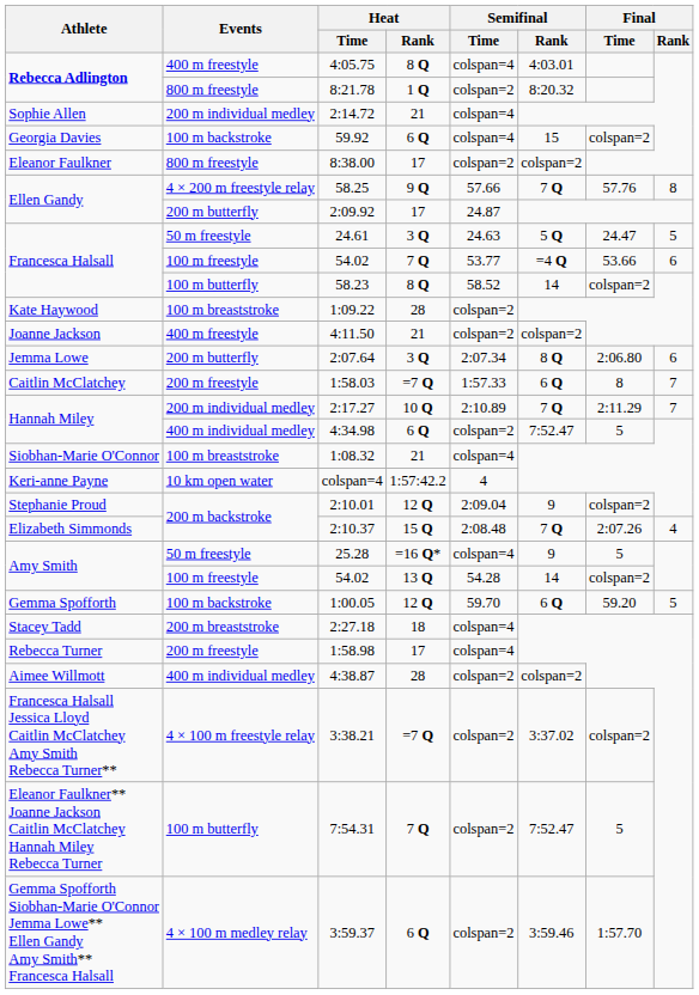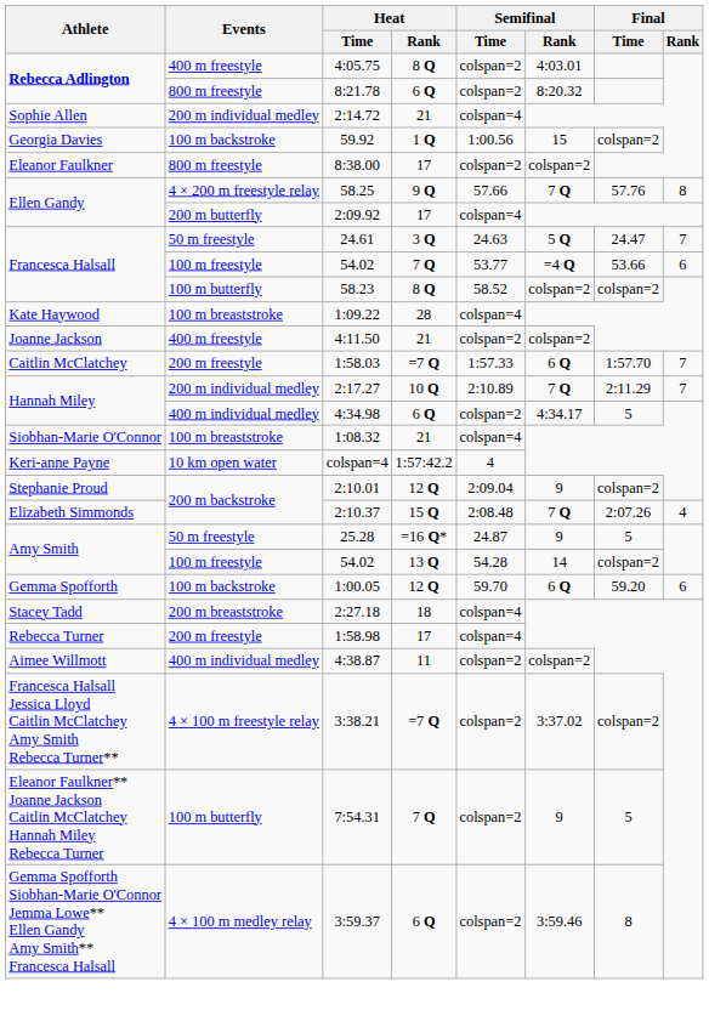 <table class=wikitable style="text-align:center; font-size:90%">
 <tr>
 <th rowspan="2">Athlete</th>
 <th rowspan="2">Events</th>
 <th colspan="2">Heat</th>
 <th colspan="2">Semifinal</th>
 <th colspan="2">Final</th>
 </tr>
 <tr style="font-size:95%">
 <th>Time</th>
 <th>Rank</th>
 <th>Time</th>
 <th>Rank</th>
 <th>Time</th>
 <th>Rank</th>
 </tr>
 <tr>
 <td style="text-align:left;" rowspan="2"><strong><a href='#'>Rebecca Adlington</a></strong></td>
 <td style="text-align:left;"><a href='#'>400 m freestyle</a></td>
 <td>4:05.75</td>
 <td>8 <strong>Q</strong></td>
-<td>colspan=4 </td>
+<td>colspan=2 </td>
 <td>4:03.01</td>
 <td></td>
 </tr>
 <tr>
 <td style="text-align:left;"><a href='#'>800 m freestyle</a></td>
 <td>8:21.78</td>
-<td>1 <strong>Q</strong></td>
+<td>6 <strong>Q</strong></td>
 <td>colspan=2 </td>
 <td>8:20.32</td>
 <td></td>
 </tr>
 <tr>
 <td style="text-align:left;"><a href='#'>Sophie Allen</a></td>
 <td style="text-align:left;"><a href='#'>200 m individual medley</a></td>
 <td>2:14.72</td>
 <td>21</td>
 <td>colspan=4 </td>
 </tr>
 <tr>
 <td style="text-align:left;"><a href='#'>Georgia Davies</a></td>
 <td style="text-align:left;"><a href='#'>100 m backstroke</a></td>
 <td>59.92</td>
-<td>6 <strong>Q</strong></td>
-<td>colspan=4 </td>
+<td>1 <strong>Q</strong></td>
+<td>1:00.56</td>
 <td>15</td>
 <td>colspan=2 </td>
 </tr>
 <tr>
 <td style="text-align:left;"><a href='#'>Eleanor Faulkner</a></td>
 <td style="text-align:left;"><a href='#'>800 m freestyle</a></td>
 <td>8:38.00</td>
 <td>17</td>
 <td>colspan=2 </td>
 <td>colspan=2 </td>
 </tr>
 <tr>
 <td style="text-align:left;" rowspan="2"><a href='#'>Ellen Gandy</a></td>
 <td style="text-align:left;"><a href='#'>4 × 200 m freestyle relay</a></td>
 <td>58.25</td>
 <td>9 <strong>Q</strong></td>
 <td>57.66</td>
 <td>7 <strong>Q</strong></td>
 <td>57.76</td>
 <td>8</td>
 </tr>
 <tr>
 <td style="text-align:left;"><a href='#'>200 m butterfly</a></td>
 <td>2:09.92</td>
 <td>17</td>
-<td>24.87</td>
+<td>colspan=4 </td>
 </tr>
 <tr>
 <td style="text-align:left;" rowspan="3"><a href='#'>Francesca Halsall</a></td>
 <td style="text-align:left;"><a href='#'>50 m freestyle</a></td>
 <td>24.61</td>
 <td>3 <strong>Q</strong></td>
 <td>24.63</td>
 <td>5 <strong>Q</strong></td>
 <td>24.47</td>
-<td>5</td>
+<td>7</td>
 </tr>
 <tr>
 <td style="text-align:left;"><a href='#'>100 m freestyle</a></td>
 <td>54.02</td>
 <td>7 <strong>Q</strong></td>
 <td>53.77</td>
 <td>=4 <strong>Q</strong></td>
 <td>53.66</td>
 <td>6</td>
 </tr>
 <tr>
 <td style="text-align:left;"><a href='#'>100 m butterfly</a></td>
 <td>58.23</td>
 <td>8 <strong>Q</strong></td>
 <td>58.52</td>
-<td>14</td>
+<td>colspan=2 </td>
 <td>colspan=2 </td>
 </tr>
 <tr>
 <td style="text-align:left;"><a href='#'>Kate Haywood</a></td>
 <td style="text-align:left;"><a href='#'>100 m breaststroke</a></td>
 <td>1:09.22</td>
 <td>28</td>
-<td>colspan=2 </td>
+<td>colspan=4 </td>
 </tr>
 <tr>
 <td style="text-align:left;"><a href='#'>Joanne Jackson</a></td>
 <td style="text-align:left;"><a href='#'>400 m freestyle</a></td>
 <td>4:11.50</td>
 <td>21</td>
 <td>colspan=2 </td>
 <td>colspan=2 </td>
 </tr>
 <tr>
-<td style="text-align:left;"><a href='#'>Jemma Lowe</a></td>
-<td style="text-align:left;"><a href='#'>200 m butterfly</a></td>
-<td>2:07.64</td>
-<td>3 <strong>Q</strong></td>
-<td>2:07.34</td>
-<td>8 <strong>Q</strong></td>
-<td>2:06.80</td>
-<td>6</td>
-</tr>
-<tr>
 <td style="text-align:left;"><a href='#'>Caitlin McClatchey</a></td>
 <td style="text-align:left;"><a href='#'>200 m freestyle</a></td>
 <td>1:58.03</td>
 <td>=7 <strong>Q</strong></td>
 <td>1:57.33</td>
 <td>6 <strong>Q</strong></td>
-<td>8</td>
+<td>1:57.70</td>
 <td>7</td>
 </tr>
 <tr>
 <td style="text-align:left;" rowspan="2"><a href='#'>Hannah Miley</a></td>
 <td style="text-align:left;"><a href='#'>200 m individual medley</a></td>
 <td>2:17.27</td>
 <td>10 <strong>Q</strong></td>
 <td>2:10.89</td>
 <td>7 <strong>Q</strong></td>
 <td>2:11.29</td>
 <td>7</td>
 </tr>
 <tr>
 <td style="text-align:left;"><a href='#'>400 m individual medley</a></td>
 <td>4:34.98</td>
 <td>6 <strong>Q</strong></td>
 <td>colspan=2 </td>
-<td>7:52.47</td>
+<td>4:34.17</td>
 <td>5</td>
 </tr>
 <tr>
 <td style="text-align:left;"><a href='#'>Siobhan-Marie O'Connor</a></td>
 <td style="text-align:left;"><a href='#'>100 m breaststroke</a></td>
 <td>1:08.32</td>
 <td>21</td>
 <td>colspan=4 </td>
 </tr>
 <tr>
 <td style="text-align:left;"><a href='#'>Keri-anne Payne</a></td>
 <td style="text-align:left;"><a href='#'>10 km open water</a></td>
 <td>colspan=4 </td>
 <td>1:57:42.2</td>
 <td>4</td>
 </tr>
 <tr>
 <td style="text-align:left;"><a href='#'>Stephanie Proud</a></td>
 <td style="text-align:left;" rowspan="2"><a href='#'>200 m backstroke</a></td>
 <td>2:10.01</td>
 <td>12 <strong>Q</strong></td>
 <td>2:09.04</td>
 <td>9</td>
 <td>colspan=2 </td>
 </tr>
 <tr>
 <td style="text-align:left;"><a href='#'>Elizabeth Simmonds</a></td>
 <td>2:10.37</td>
 <td>15 <strong>Q</strong></td>
 <td>2:08.48</td>
 <td>7 <strong>Q</strong></td>
 <td>2:07.26</td>
 <td>4</td>
 </tr>
 <tr>
 <td style="text-align:left;" rowspan="2"><a href='#'>Amy Smith</a></td>
 <td style="text-align:left;"><a href='#'>50 m freestyle</a></td>
 <td>25.28</td>
 <td>=16 <strong>Q</strong>*</td>
-<td>colspan=4 </td>
+<td>24.87</td>
 <td>9</td>
 <td>5</td>
 </tr>
 <tr>
 <td style="text-align:left;"><a href='#'>100 m freestyle</a></td>
 <td>54.02</td>
 <td>13 <strong>Q</strong></td>
 <td>54.28</td>
 <td>14</td>
 <td>colspan=2 </td>
 </tr>
 <tr>
 <td style="text-align:left;"><a href='#'>Gemma Spofforth</a></td>
 <td style="text-align:left;"><a href='#'>100 m backstroke</a></td>
 <td>1:00.05</td>
 <td>12 <strong>Q</strong></td>
 <td>59.70</td>
 <td>6 <strong>Q</strong></td>
 <td>59.20</td>
-<td>5</td>
+<td>6</td>
 </tr>
 <tr>
 <td style="text-align:left;"><a href='#'>Stacey Tadd</a></td>
 <td style="text-align:left;"><a href='#'>200 m breaststroke</a></td>
 <td>2:27.18</td>
 <td>18</td>
 <td>colspan=4 </td>
 </tr>
 <tr>
 <td style="text-align:left;"><a href='#'>Rebecca Turner</a></td>
 <td style="text-align:left;"><a href='#'>200 m freestyle</a></td>
 <td>1:58.98</td>
 <td>17</td>
 <td>colspan=4 </td>
 </tr>
 <tr>
 <td style="text-align:left;"><a href='#'>Aimee Willmott</a></td>
 <td style="text-align:left;"><a href='#'>400 m individual medley</a></td>
 <td>4:38.87</td>
-<td>28</td>
+<td>11</td>
 <td>colspan=2 </td>
 <td>colspan=2 </td>
 </tr>
 <tr>
 <td style="text-align:left;"><a href='#'>Francesca Halsall</a><br><a href='#'>Jessica Lloyd</a><br><a href='#'>Caitlin McClatchey</a><br><a href='#'>Amy Smith</a><br><a href='#'>Rebecca Turner</a>**</td>
 <td style="text-align:left;"><a href='#'>4 × 100 m freestyle relay</a></td>
 <td>3:38.21</td>
 <td>=7 <strong>Q</strong></td>
 <td>colspan=2 </td>
 <td>3:37.02</td>
 <td>colspan=2 </td>
 </tr>
 <tr>
 <td style="text-align:left;"><a href='#'>Eleanor Faulkner</a>**<br><a href='#'>Joanne Jackson</a><br><a href='#'>Caitlin McClatchey</a><br><a href='#'>Hannah Miley</a><br><a href='#'>Rebecca Turner</a></td>
 <td style="text-align:left;"><a href='#'>100 m butterfly</a></td>
 <td>7:54.31</td>
 <td>7 <strong>Q</strong></td>
 <td>colspan=2 </td>
-<td>7:52.47</td>
+<td>9</td>
 <td>5</td>
 </tr>
 <tr>
 <td style="text-align:left;"><a href='#'>Gemma Spofforth</a><br><a href='#'>Siobhan-Marie O'Connor</a><br><a href='#'>Jemma Lowe</a>**<br><a href='#'>Ellen Gandy</a><br><a href='#'>Amy Smith</a>**<br><a href='#'>Francesca Halsall</a></td>
 <td style="text-align:left;"><a href='#'>4 × 100 m medley relay</a></td>
 <td>3:59.37</td>
 <td>6 <strong>Q</strong></td>
 <td>colspan=2 </td>
 <td>3:59.46</td>
-<td>1:57.70</td>
+<td>8</td>
 </tr>
 </table>
